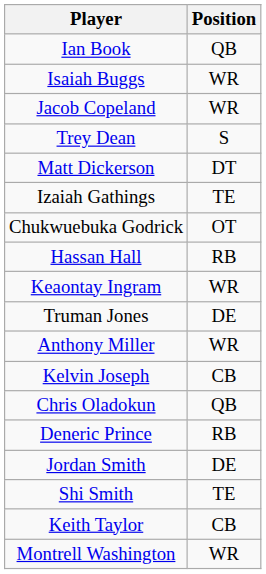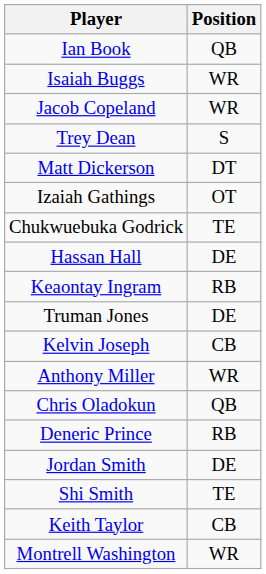 <table class="wikitable" style="text-align:center">
 <tr>
 <th>Player</th>
 <th>Position</th>
 </tr>
 <tr>
 <td><a href='#'>Ian Book</a></td>
 <td>QB</td>
 </tr>
 <tr>
 <td><a href='#'>Isaiah Buggs</a></td>
 <td>WR</td>
 </tr>
 <tr>
 <td><a href='#'>Jacob Copeland</a></td>
 <td>WR</td>
 </tr>
 <tr>
 <td><a href='#'>Trey Dean</a></td>
 <td>S</td>
 </tr>
 <tr>
 <td><a href='#'>Matt Dickerson</a></td>
 <td>DT</td>
 </tr>
 <tr>
 <td>Izaiah Gathings</td>
+<td>OT</td>
+</tr>
+<tr>
+<td>Chukwuebuka Godrick</td>
 <td>TE</td>
 </tr>
 <tr>
-<td>Chukwuebuka Godrick</td>
-<td>OT</td>
-</tr>
-<tr>
 <td><a href='#'>Hassan Hall</a></td>
-<td>RB</td>
+<td>DE</td>
 </tr>
 <tr>
 <td><a href='#'>Keaontay Ingram</a></td>
-<td>WR</td>
+<td>RB</td>
 </tr>
 <tr>
 <td>Truman Jones</td>
 <td>DE</td>
 </tr>
 <tr>
+<td><a href='#'>Kelvin Joseph</a></td>
+<td>CB</td>
+</tr>
+<tr>
 <td><a href='#'>Anthony Miller</a></td>
 <td>WR</td>
-</tr>
-<tr>
-<td><a href='#'>Kelvin Joseph</a></td>
-<td>CB</td>
 </tr>
 <tr>
 <td><a href='#'>Chris Oladokun</a></td>
 <td>QB</td>
 </tr>
 <tr>
 <td><a href='#'>Deneric Prince</a></td>
 <td>RB</td>
 </tr>
 <tr>
 <td><a href='#'>Jordan Smith</a></td>
 <td>DE</td>
 </tr>
 <tr>
 <td><a href='#'>Shi Smith</a></td>
 <td>TE</td>
 </tr>
 <tr>
 <td><a href='#'>Keith Taylor</a></td>
 <td>CB</td>
 </tr>
 <tr>
 <td><a href='#'>Montrell Washington</a></td>
 <td>WR</td>
 </tr>
 </table>
